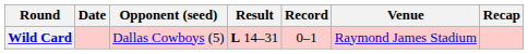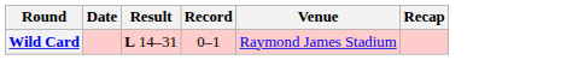 <table class="wikitable" style="text-align:center">
 <tr>
 <th>Round</th>
 <th>Date</th>
-<th>Opponent (seed)</th>
 <th>Result</th>
 <th>Record</th>
 <th>Venue</th>
 <th>Recap</th>
 </tr>
 <tr style="background:#fcc">
 <th><a href='#'>Wild Card</a></th>
 <td></td>
-<td><a href='#'>Dallas Cowboys</a> (5)</td>
 <td><strong>L</strong> 14–31</td>
 <td>0–1</td>
 <td><a href='#'>Raymond James Stadium</a></td>
 <td></td>
 </tr>
 </table>
